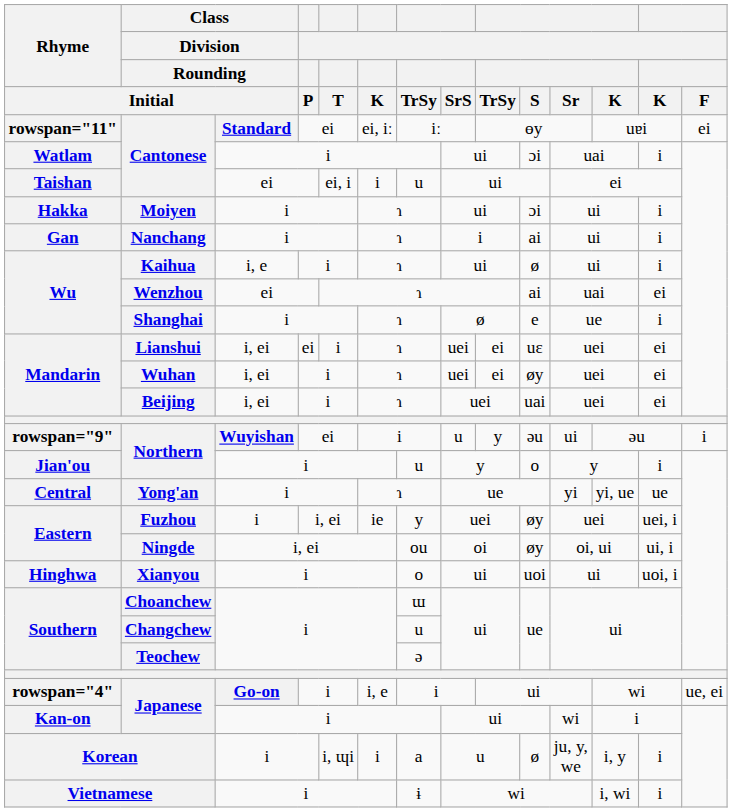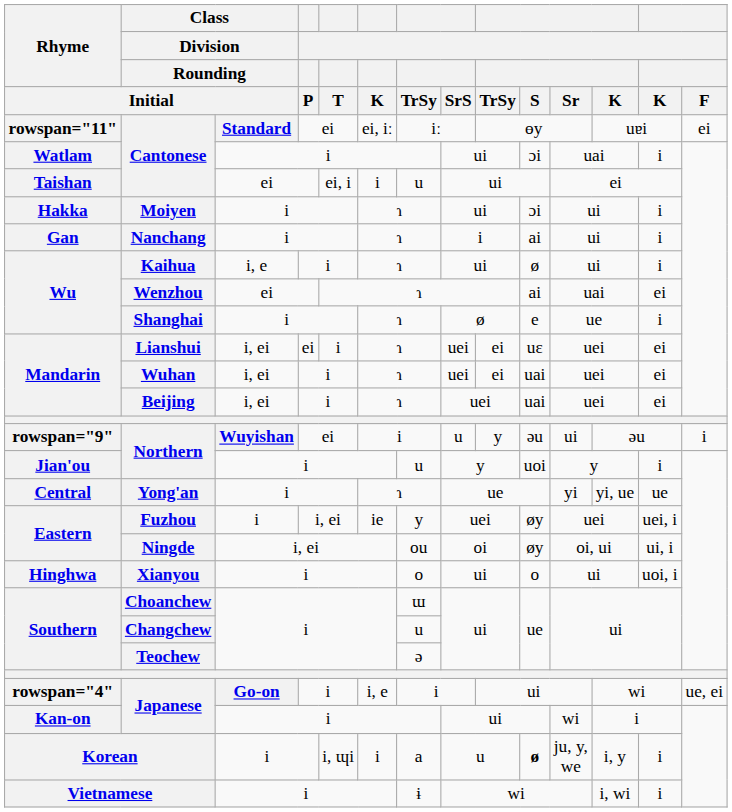 <table class="wikitable" style="text-align: center;">
 <tr>
 <th rowspan="3">Rhyme</th>
 <th colspan="2">Class</th>
 <th></th>
 <th></th>
 <th></th>
 <th colspan="2"></th>
 <th colspan="4"></th>
 <th colspan="2"></th>
 </tr>
 <tr>
 <th colspan="2">Division</th>
 <th colspan="11"></th>
 </tr>
 <tr>
 <th colspan="2">Rounding</th>
 <th></th>
 <th></th>
 <th></th>
 <th colspan="2"></th>
 <th colspan="4"></th>
 <th colspan="2"></th>
 </tr>
 <tr>
 <th colspan="3">Initial</th>
 <th>P</th>
 <th>T</th>
 <th>K</th>
 <th>TrSy</th>
 <th>SrS</th>
 <th>TrSy</th>
 <th>S</th>
 <th>Sr</th>
 <th>K</th>
 <th>K</th>
 <th>F</th>
 </tr>
 <tr>
 <th>rowspan="11" </th>
 <th rowspan="3"><a href='#'>Cantonese</a></th>
 <th><a href='#'>Standard</a></th>
 <td colspan="2">ei</td>
 <td>ei, iː</td>
 <td colspan="2">iː</td>
 <td colspan="3">ɵy</td>
 <td colspan="2">uɐi</td>
 <td>ei</td>
 </tr>
 <tr>
 <th><a href='#'>Watlam</a></th>
 <td colspan="5">i</td>
 <td colspan="2">ui</td>
 <td>ɔi</td>
 <td colspan="2">uai</td>
 <td>i</td>
 </tr>
 <tr>
 <th><a href='#'>Taishan</a></th>
 <td colspan="2">ei</td>
 <td>ei, i</td>
 <td>i</td>
 <td>u</td>
 <td colspan="3">ui</td>
 <td colspan="3">ei</td>
 </tr>
 <tr>
 <th><a href='#'>Hakka</a></th>
 <th><a href='#'>Moiyen</a></th>
 <td colspan="3">i</td>
 <td colspan="2">ɿ</td>
 <td colspan="2">ui</td>
 <td>ɔi</td>
 <td colspan="2">ui</td>
 <td>i</td>
 </tr>
 <tr>
 <th><a href='#'>Gan</a></th>
 <th><a href='#'>Nanchang</a></th>
 <td colspan="3">i</td>
 <td colspan="2">ɿ</td>
 <td colspan="2">i</td>
 <td>ai</td>
 <td colspan="2">ui</td>
 <td>i</td>
 </tr>
 <tr>
 <th rowspan="3"><a href='#'>Wu</a></th>
 <th><a href='#'>Kaihua</a></th>
 <td>i, e</td>
 <td colspan="2">i</td>
 <td colspan="2">ɿ</td>
 <td colspan="2">ui</td>
 <td>ø</td>
 <td colspan="2">ui</td>
 <td>i</td>
 </tr>
 <tr>
 <th><a href='#'>Wenzhou</a></th>
 <td colspan="2">ei</td>
 <td colspan="5">ɿ</td>
 <td>ai</td>
 <td colspan="2">uai</td>
 <td>ei</td>
 </tr>
 <tr>
 <th><a href='#'>Shanghai</a></th>
 <td colspan="3">i</td>
 <td colspan="2">ɿ</td>
 <td colspan="2">ø</td>
 <td>e</td>
 <td colspan="2">ue</td>
 <td>i</td>
 </tr>
 <tr>
 <th rowspan="3"><a href='#'>Mandarin</a></th>
 <th><a href='#'>Lianshui</a></th>
 <td>i, ei</td>
 <td>ei</td>
 <td>i</td>
 <td colspan="2">ɿ</td>
 <td>uei</td>
 <td>ei</td>
 <td>uɛ</td>
 <td colspan="2">uei</td>
 <td>ei</td>
 </tr>
 <tr>
 <th><a href='#'>Wuhan</a></th>
 <td>i, ei</td>
 <td colspan="2">i</td>
 <td colspan="2">ɿ</td>
 <td>uei</td>
 <td>ei</td>
-<td>øy</td>
+<td>uai</td>
 <td colspan="2">uei</td>
 <td>ei</td>
 </tr>
 <tr>
 <th><a href='#'>Beijing</a></th>
 <td>i, ei</td>
 <td colspan="2">i</td>
 <td colspan="2">ɿ</td>
 <td colspan="2">uei</td>
 <td>uai</td>
 <td colspan="2">uei</td>
 <td>ei</td>
 </tr>
 <tr>
 <th colspan="14"></th>
 </tr>
 <tr>
 <th>rowspan="9" </th>
 <th rowspan="2"><a href='#'>Northern</a></th>
 <th><a href='#'>Wuyishan</a></th>
 <td colspan="2">ei</td>
 <td colspan="2">i</td>
 <td>u</td>
 <td>y</td>
 <td>əu</td>
 <td>ui</td>
 <td colspan="2">əu</td>
 <td>i</td>
 </tr>
 <tr>
 <th><a href='#'>Jian'ou</a></th>
 <td colspan="4">i</td>
 <td>u</td>
 <td colspan="2">y</td>
-<td>o</td>
+<td>uoi</td>
 <td colspan="2">y</td>
 <td>i</td>
 </tr>
 <tr>
 <th><a href='#'>Central</a></th>
 <th><a href='#'>Yong'an</a></th>
 <td colspan="3">i</td>
 <td colspan="2">ɿ</td>
 <td colspan="3">ue</td>
 <td>yi</td>
 <td>yi, ue</td>
 <td>ue</td>
 </tr>
 <tr>
 <th rowspan="2"><a href='#'>Eastern</a></th>
 <th><a href='#'>Fuzhou</a></th>
 <td>i</td>
 <td colspan="2">i, ei</td>
 <td>ie</td>
 <td>y</td>
 <td colspan="2">uei</td>
 <td>øy</td>
 <td colspan="2">uei</td>
 <td>uei, i</td>
 </tr>
 <tr>
 <th><a href='#'>Ningde</a></th>
 <td colspan="4">i, ei</td>
 <td>ou</td>
 <td colspan="2">oi</td>
 <td>øy</td>
 <td colspan="2">oi, ui</td>
 <td>ui, i</td>
 </tr>
 <tr>
 <th><a href='#'>Hinghwa</a></th>
 <th><a href='#'>Xianyou</a></th>
 <td colspan="4">i</td>
 <td>o</td>
 <td colspan="2">ui</td>
-<td>uoi</td>
+<td>o</td>
 <td colspan="2">ui</td>
 <td>uoi, i</td>
 </tr>
 <tr>
 <th rowspan="3"><a href='#'>Southern</a></th>
 <th><a href='#'>Choanchew</a></th>
 <td colspan="4" rowspan="3">i</td>
 <td>ɯ</td>
 <td colspan="2" rowspan="3">ui</td>
 <td rowspan="3">ue</td>
 <td colspan="3" rowspan="3">ui</td>
 </tr>
 <tr>
 <th><a href='#'>Changchew</a></th>
 <td>u</td>
 </tr>
 <tr>
 <th><a href='#'>Teochew</a></th>
 <td>ə</td>
 </tr>
 <tr>
 <th colspan="14"></th>
 </tr>
 <tr>
 <th>rowspan="4" </th>
 <th rowspan="2"><a href='#'>Japanese</a></th>
 <th><a href='#'>Go-on</a></th>
 <td colspan="2">i</td>
 <td>i, e</td>
 <td colspan="2">i</td>
 <td colspan="3">ui</td>
 <td colspan="2">wi</td>
 <td>ue, ei</td>
 </tr>
 <tr>
 <th><a href='#'>Kan-on</a></th>
 <td colspan="5">i</td>
 <td colspan="3">ui</td>
 <td>wi</td>
 <td colspan="2">i</td>
 </tr>
 <tr>
 <th colspan="2"><a href='#'>Korean</a></th>
 <td colspan="2">i</td>
 <td>i, ɰi</td>
 <td>i</td>
 <td>a</td>
 <td colspan="2">u</td>
-<td>ø</td>
+<td><strong>ø</strong></td>
 <td>ju, y,<br>we</td>
 <td>i, y</td>
 <td>i</td>
 </tr>
 <tr>
 <th colspan="2"><a href='#'>Vietnamese</a></th>
 <td colspan="4">i</td>
 <td>ɨ</td>
 <td colspan="4">wi</td>
 <td>i, wi</td>
 <td>i</td>
 </tr>
 </table>
